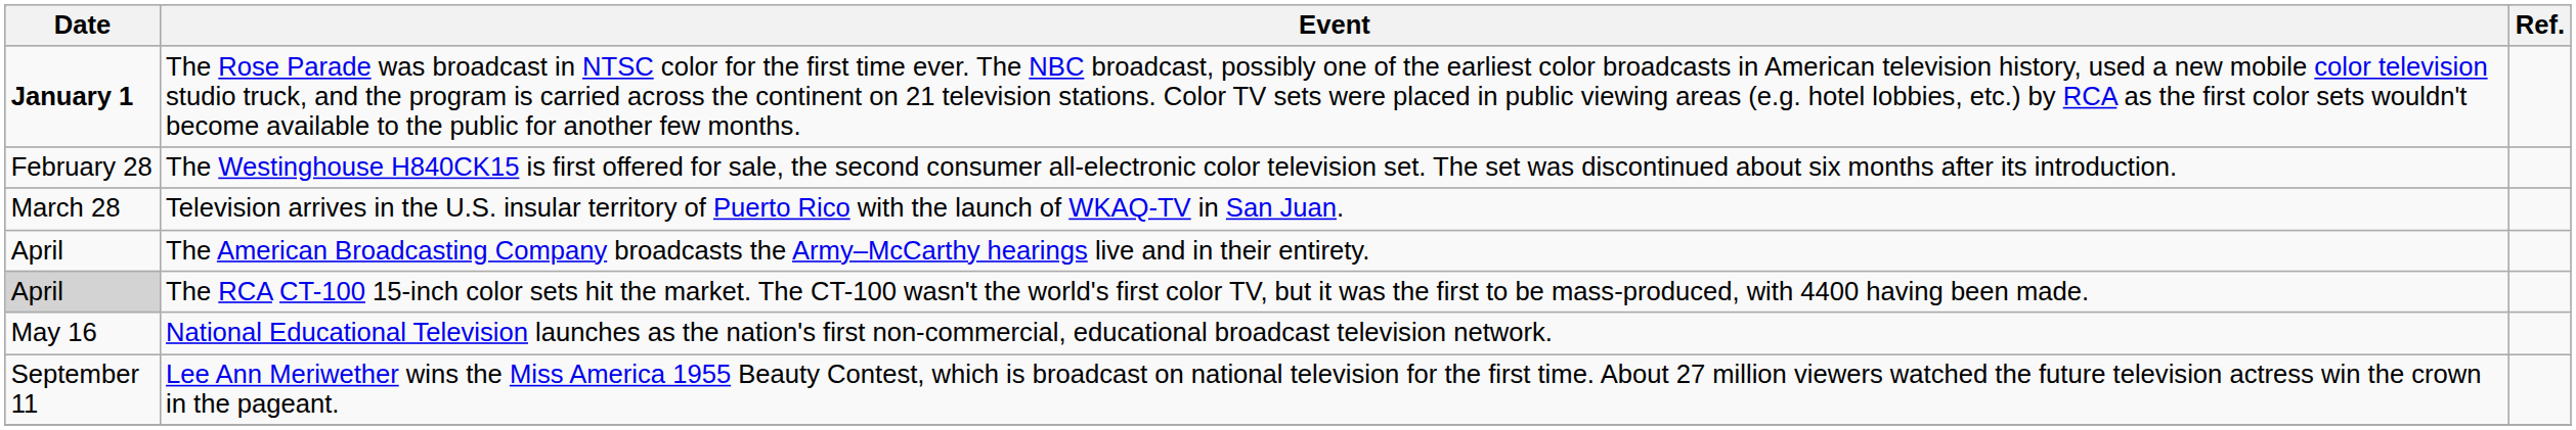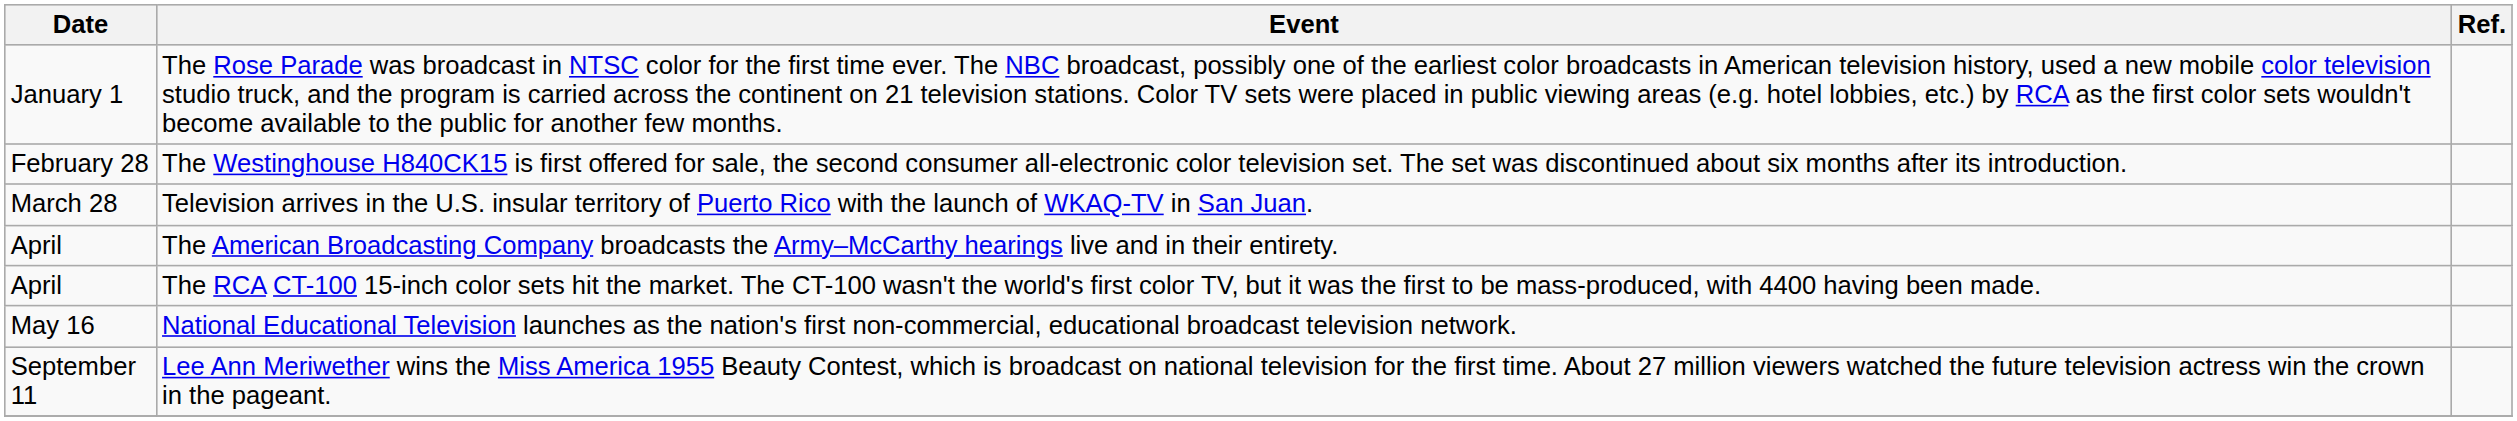 <table class="wikitable sortable">
 <tr>
 <th>Date</th>
 <th>Event</th>
 <th>Ref.</th>
 </tr>
 <tr>
-<td><strong>January 1</strong></td>
+<td>January 1</td>
 <td>The <a href='#'>Rose Parade</a> was broadcast in <a href='#'>NTSC</a> color for the first time ever. The <a href='#'>NBC</a> broadcast, possibly one of the earliest color broadcasts in American television history, used a new mobile <a href='#'>color television</a> studio truck, and the program is carried across the continent on 21 television stations. Color TV sets were placed in public viewing areas (e.g. hotel lobbies, etc.) by <a href='#'>RCA</a> as the first color sets wouldn't become available to the public for another few months.</td>
 <td></td>
 </tr>
 <tr>
 <td>February 28</td>
 <td>The <a href='#'>Westinghouse H840CK15</a> is first offered for sale,  the second consumer all-electronic color television set. The set was discontinued about six months after its introduction.</td>
 <td></td>
 </tr>
 <tr>
 <td>March 28</td>
 <td>Television arrives in the U.S. insular territory of <a href='#'>Puerto Rico</a> with the launch of <a href='#'>WKAQ-TV</a> in <a href='#'>San Juan</a>.</td>
 <td></td>
 </tr>
 <tr>
 <td>April</td>
 <td>The <a href='#'>American Broadcasting Company</a> broadcasts the <a href='#'>Army–McCarthy hearings</a> live and in their entirety.</td>
 <td></td>
 </tr>
 <tr>
-<td style="background: lightgrey;">April</td>
+<td>April</td>
 <td>The <a href='#'>RCA</a> <a href='#'>CT-100</a> 15-inch color sets hit the market. The CT-100 wasn't the world's first color TV, but it was the first to be mass-produced, with 4400 having been made.</td>
 <td></td>
 </tr>
 <tr>
 <td>May 16</td>
 <td><a href='#'>National Educational Television</a> launches as the nation's first non-commercial, educational broadcast television network.</td>
 <td></td>
 </tr>
 <tr>
 <td>September 11</td>
 <td><a href='#'>Lee Ann Meriwether</a> wins the <a href='#'>Miss America 1955</a> Beauty Contest, which is broadcast on national television for the first time. About 27 million viewers watched the future television actress win the crown in the pageant.</td>
 <td></td>
 </tr>
 <tr>
 </tr>
 </table>
